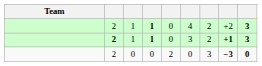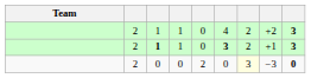 <table class="wikitable" style="text-align: center; font-size:90% ">
 <tr>
 <th width=160>Team</th>
 <th width=25></th>
 <th width=25></th>
 <th width=25></th>
 <th width=25></th>
 <th width=25></th>
 <th width=25></th>
 <th width=25></th>
 <th width=25></th>
 </tr>
 <tr bgcolor="ccffcc">
 <td align=left></td>
 <td>2</td>
 <td>1</td>
-<td><strong>1</strong></td>
+<td>1</td>
 <td>0</td>
 <td>4</td>
 <td>2</td>
 <td>+2</td>
 <td><strong>3</strong></td>
 </tr>
 <tr bgcolor="ccffcc">
 <td align=left></td>
-<td><strong>2</strong></td>
+<td>2</td>
+<td><strong>1</strong></td>
 <td>1</td>
-<td><strong>1</strong></td>
 <td>0</td>
-<td>3</td>
+<td><strong>3</strong></td>
 <td>2</td>
-<td><strong>+1</strong></td>
+<td>+1</td>
 <td><strong>3</strong></td>
 </tr>
 <tr>
 <td align=left></td>
 <td>2</td>
 <td>0</td>
 <td>0</td>
 <td>2</td>
 <td>0</td>
-<td>3</td>
-<td><strong>−3</strong></td>
+<td style="background: lightyellow;">3</td>
+<td>−3</td>
 <td><strong>0</strong></td>
 </tr>
 </table>
